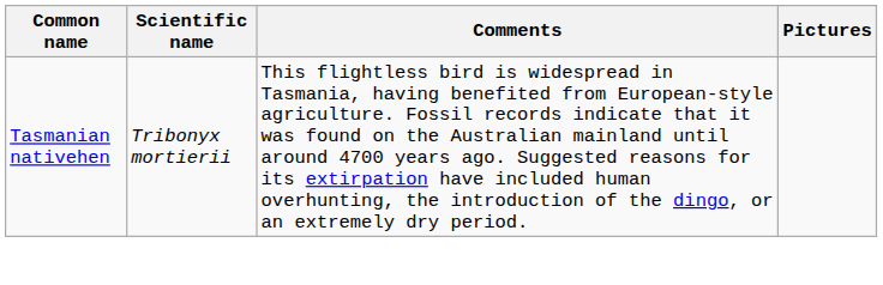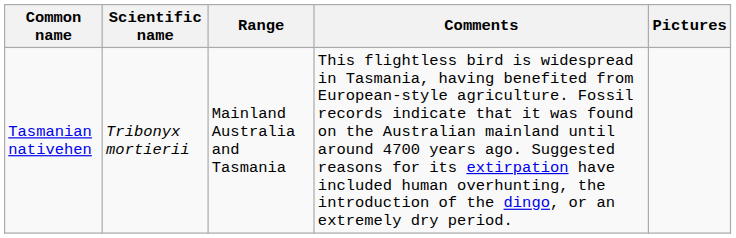 <table class="wikitable">
 <tr>
 <th>Common name</th>
 <th>Scientific name</th>
+<th>Range</th>
 <th class="unsortable">Comments</th>
 <th class="unsortable">Pictures</th>
 </tr>
 <tr>
 <td><a href='#'>Tasmanian nativehen</a></td>
 <td><em>Tribonyx mortierii</em></td>
+<td>Mainland Australia and Tasmania</td>
 <td>This flightless bird is widespread in Tasmania, having benefited from European-style agriculture. Fossil records indicate that it was found on the Australian mainland until around 4700 years ago. Suggested reasons for its <a href='#'>extirpation</a> have included human overhunting, the introduction of the <a href='#'>dingo</a>, or an extremely dry period.</td>
 <td></td>
 </tr>
 </table>
